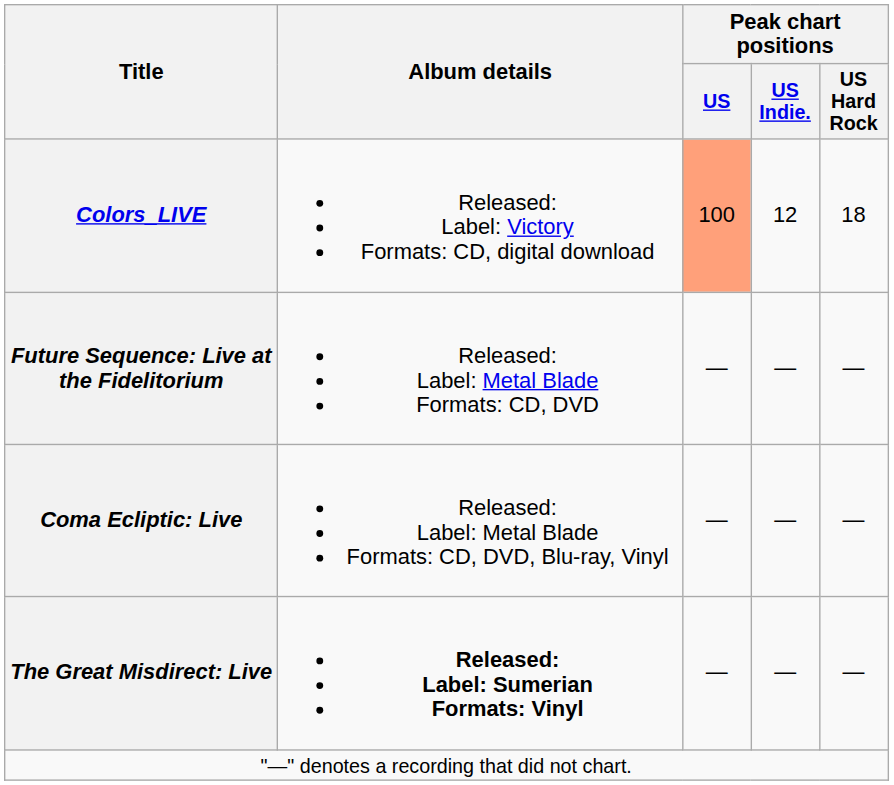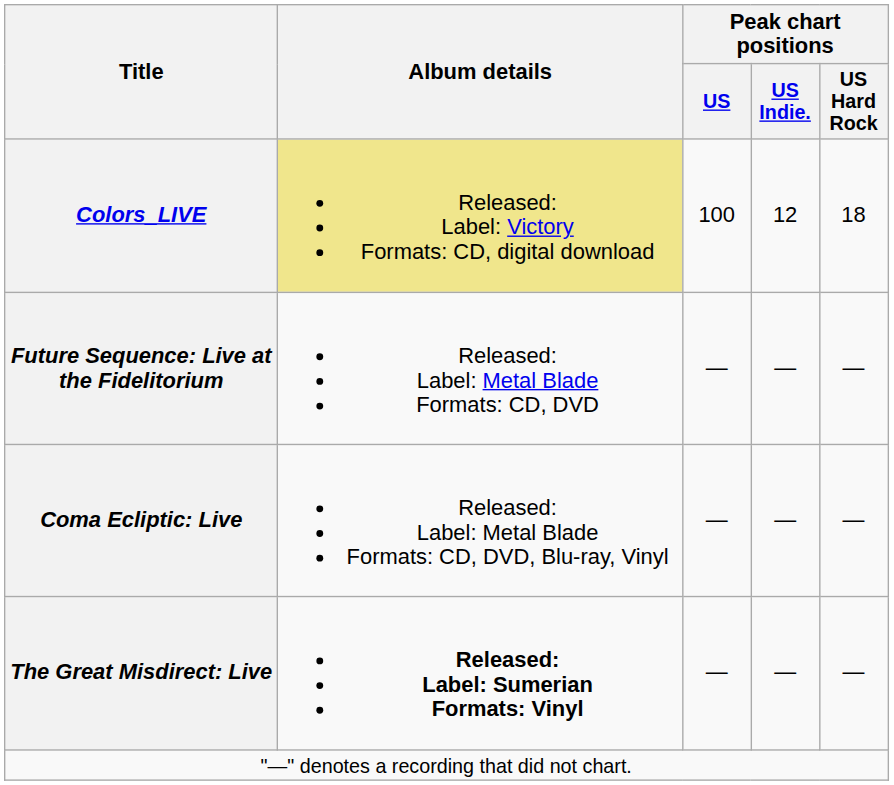 <table class="wikitable plainrowheaders" style="text-align:center;">
 <tr>
 <th scope="col" rowspan="2" style="width:12em;">Title</th>
 <th scope="col" rowspan="2" style="width:18em;">Album details</th>
 <th scope="col" colspan="10">Peak chart positions</th>
 </tr>
 <tr>
 <th scope="col" style="width:3em;font-size:90%;"><a href='#'>US</a><br></th>
 <th scope="col" style="width:3em;font-size:90%;"><a href='#'>US<br>Indie.</a><br></th>
 <th scope="col" style="width:3em;font-size:90%;">US<br>Hard Rock<br></th>
 </tr>
 <tr>
 <th scope="row"><em><a href='#'>Colors_LIVE</a></em></th>
-<td><br><ul><li>Released: </li><li>Label: <a href='#'>Victory</a></li><li>Formats: CD, digital download</li></ul></td>
-<td style="background: lightsalmon;">100</td>
+<td style="background: khaki;"><br><ul><li>Released: </li><li>Label: <a href='#'>Victory</a></li><li>Formats: CD, digital download</li></ul></td>
+<td>100</td>
 <td>12</td>
 <td>18</td>
 </tr>
 <tr>
 <th scope="row"><em>Future Sequence: Live at the Fidelitorium</em></th>
 <td><br><ul><li>Released: </li><li>Label: <a href='#'>Metal Blade</a></li><li>Formats: CD, DVD</li></ul></td>
 <td>—</td>
 <td>—</td>
 <td>—</td>
 </tr>
 <tr>
 <th scope="row"><em>Coma Ecliptic: Live</em></th>
 <td><br><ul><li>Released: </li><li>Label: Metal Blade</li><li>Formats: CD, DVD, Blu-ray, Vinyl</li></ul></td>
 <td>—</td>
 <td>—</td>
 <td>—</td>
 </tr>
 <tr>
 <th scope="row"><em>The Great Misdirect: Live</em></th>
 <td><strong><br><ul><li>Released: </li><li>Label: Sumerian</li><li>Formats: Vinyl</li></ul></strong></td>
 <td>—</td>
 <td>—</td>
 <td>—</td>
 </tr>
 <tr>
 <td colspan="15" style="font-size:90%">"—" denotes a recording that did not chart.</td>
 </tr>
 </table>
